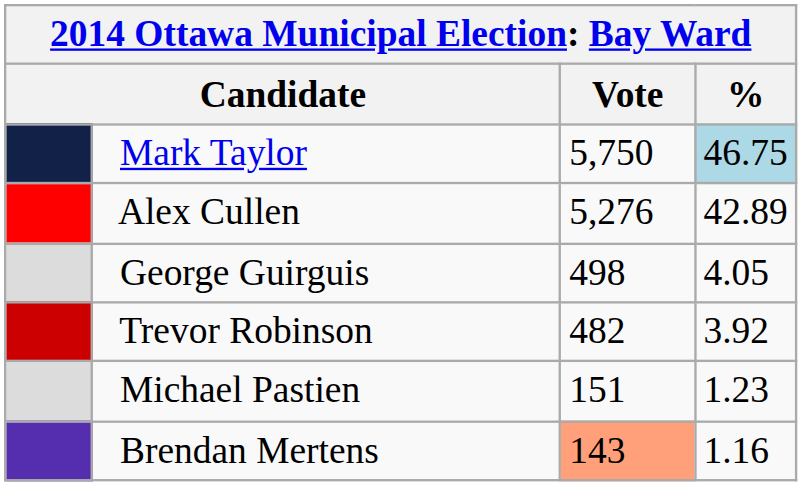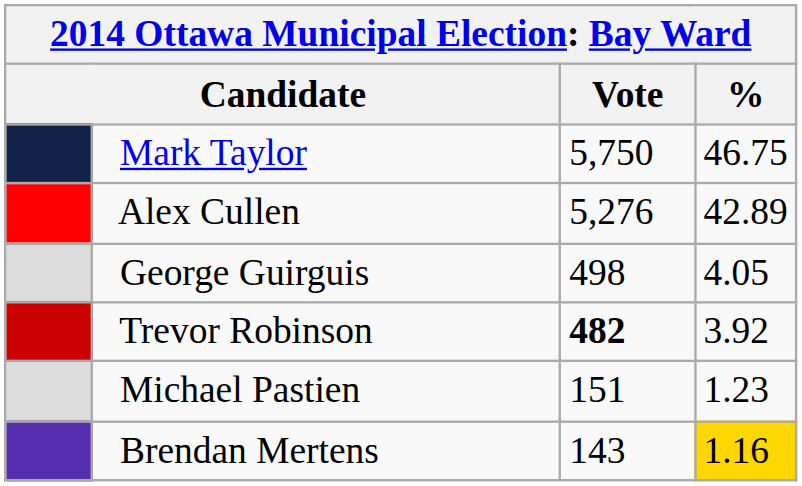 <table class="wikitable">
 <tr>
 <th colspan="4"><a href='#'>2014 Ottawa Municipal Election</a>: <a href='#'>Bay Ward</a></th>
 </tr>
 <tr>
 <th width="230" bgcolor="#ddddff" colspan="2">Candidate</th>
 <th width="50" bgcolor="#ddddff">Vote</th>
 <th width="30" bgcolor="#ddddff">%</th>
 </tr>
 <tr>
 <td width="30" bgcolor="#122148"> </td>
 <td>  <a href='#'>Mark Taylor</a></td>
 <td>5,750</td>
-<td style="background: lightblue;">46.75</td>
+<td>46.75</td>
 </tr>
 <tr>
 <td width="30" bgcolor="#ff0000"> </td>
 <td>  Alex Cullen</td>
 <td>5,276</td>
 <td>42.89</td>
 </tr>
 <tr>
 <td width="30" bgcolor="#dcdcdc"> </td>
 <td>  George Guirguis</td>
 <td>498</td>
 <td>4.05</td>
 </tr>
 <tr>
 <td width="30" bgcolor="#cc0000"> </td>
 <td>  Trevor Robinson</td>
-<td>482</td>
+<td><strong>482</strong></td>
 <td>3.92</td>
 </tr>
 <tr>
 <td width="30" bgcolor="#dcdcdc"> </td>
 <td>  Michael Pastien</td>
 <td>151</td>
 <td>1.23</td>
 </tr>
 <tr>
 <td width="30" bgcolor="#552eaf"> </td>
 <td>  Brendan Mertens</td>
-<td style="background: lightsalmon;">143</td>
-<td>1.16</td>
+<td>143</td>
+<td style="background: gold;">1.16</td>
 </tr>
 </table>
